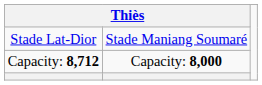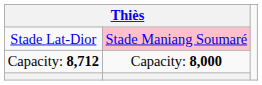 <table class="wikitable" style="text-align:center">
 <tr>
 <th colspan=2><a href='#'>Thiès</a></th>
 <td rowspan=4></td>
 </tr>
 <tr>
 <td><a href='#'>Stade Lat-Dior</a></td>
-<td><a href='#'>Stade Maniang Soumaré</a></td>
+<td style="background: pink;"><a href='#'>Stade Maniang Soumaré</a></td>
 </tr>
 <tr>
 <td>Capacity: <strong>8,712</strong></td>
 <td>Capacity: <strong>8,000</strong></td>
 </tr>
 <tr>
 <th></th>
 <th></th>
 </tr>
 </table>
